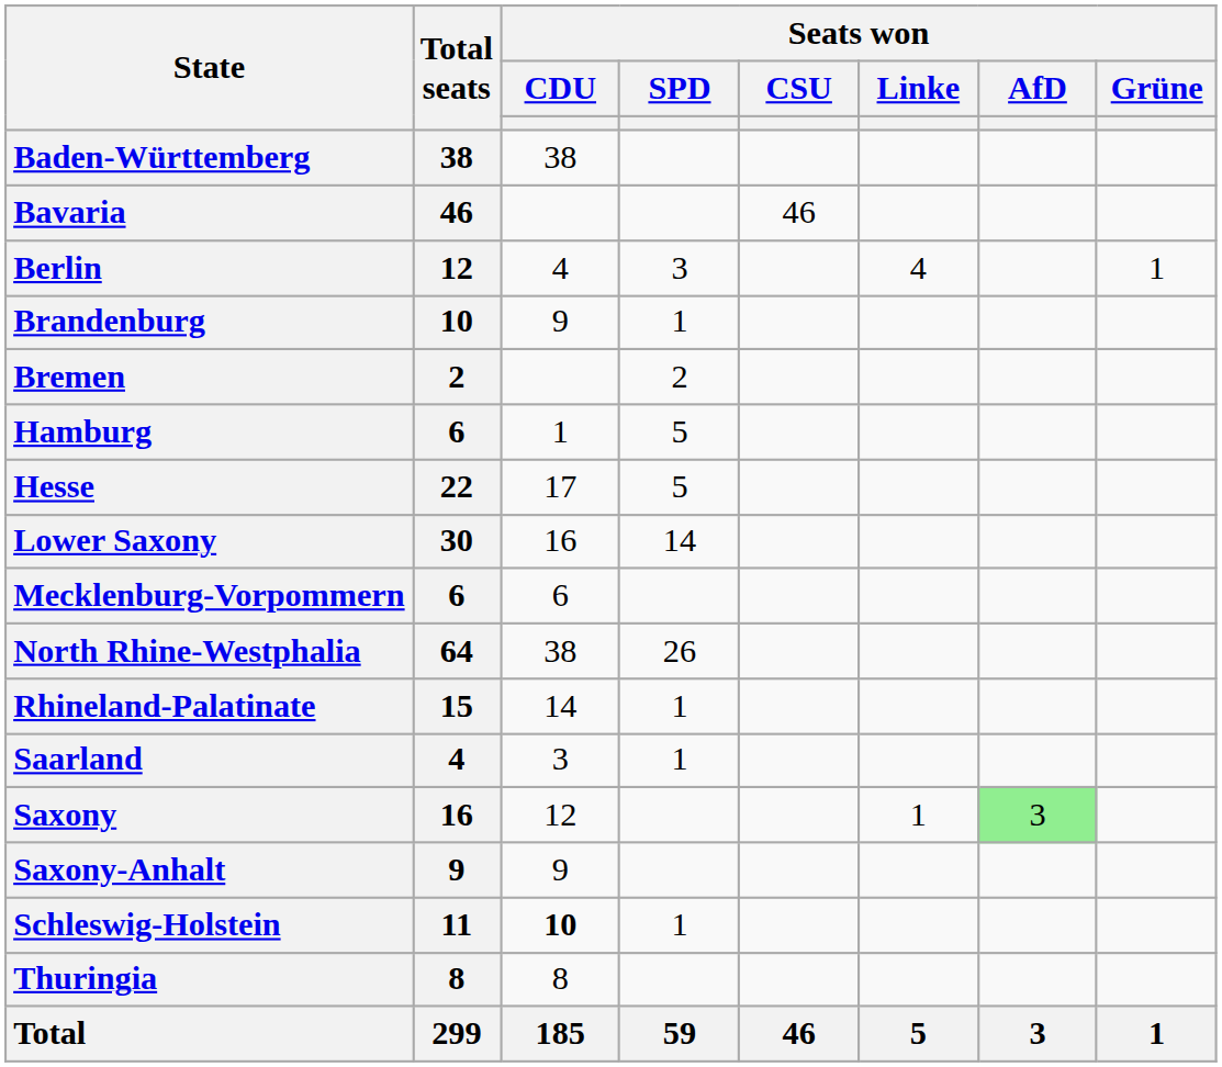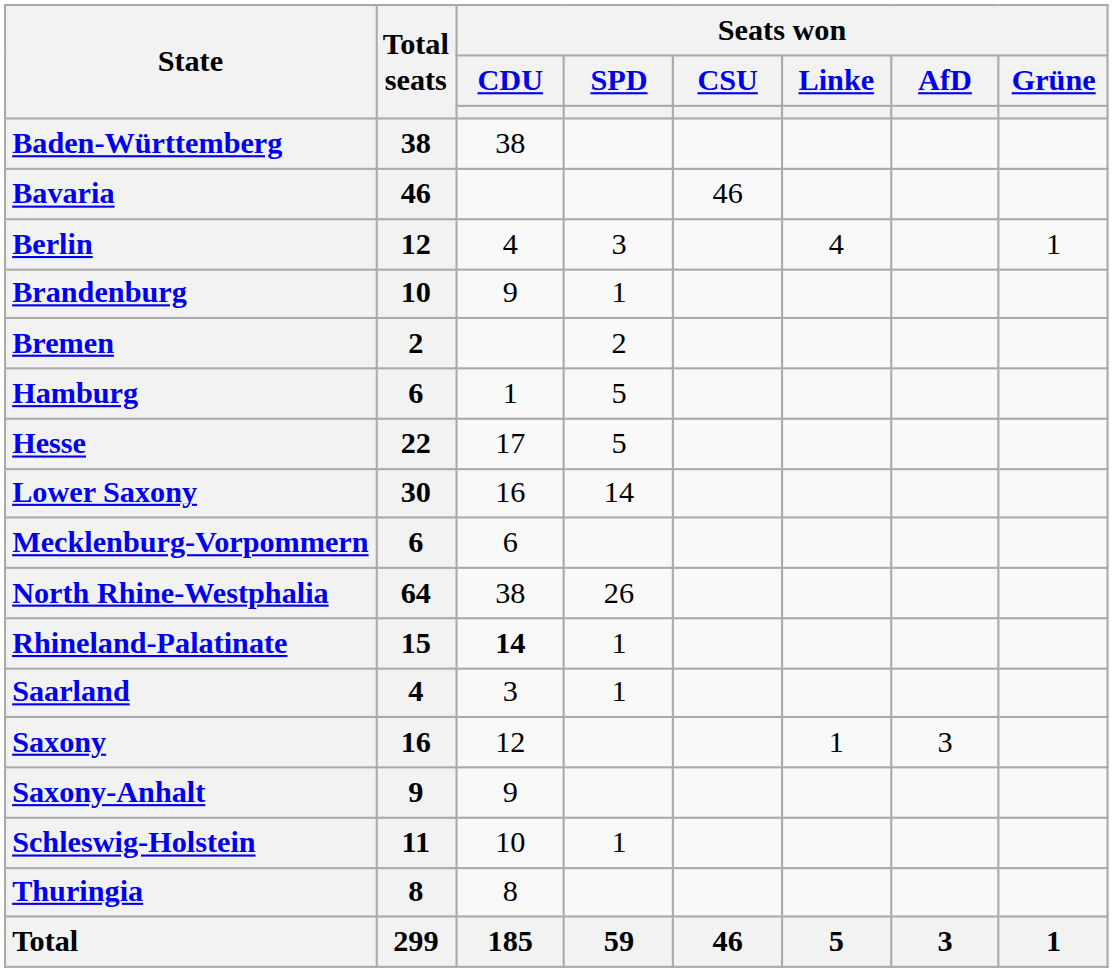 <table class="wikitable" style="text-align:center; font-size: 0.9em;">
 <tr>
 <th rowspan="3">State</th>
 <th rowspan="3">Total<br>seats</th>
 <th colspan="6">Seats won</th>
 </tr>
 <tr>
 <th class="unsortable" style="width:45px;"><a href='#'>CDU</a></th>
 <th class="unsortable" style="width:45px;"><a href='#'>SPD</a></th>
 <th class="unsortable" style="width:45px;"><a href='#'>CSU</a></th>
 <th class="unsortable" style="width:45px;"><a href='#'>Linke</a></th>
 <th class="unsortable" style="width:45px;"><a href='#'>AfD</a></th>
 <th class="unsortable" style="width:45px;"><a href='#'>Grüne</a></th>
 </tr>
 <tr>
 <th style="background:"></th>
 <th style="background:"></th>
 <th style="background:"></th>
 <th style="background:"></th>
 <th style="background:"></th>
 <th style="background:"></th>
 </tr>
 <tr>
 <th style="text-align: left;"><a href='#'>Baden-Württemberg</a></th>
 <th>38</th>
 <td>38</td>
 <td></td>
 <td></td>
 <td></td>
 <td></td>
 <td></td>
 </tr>
 <tr>
 <th style="text-align: left;"><a href='#'>Bavaria</a></th>
 <th>46</th>
 <td></td>
 <td></td>
 <td>46</td>
 <td></td>
 <td></td>
 <td></td>
 </tr>
 <tr>
 <th style="text-align: left;"><a href='#'>Berlin</a></th>
 <th>12</th>
 <td>4</td>
 <td>3</td>
 <td></td>
 <td>4</td>
 <td></td>
 <td>1</td>
 </tr>
 <tr>
 <th style="text-align: left;"><a href='#'>Brandenburg</a></th>
 <th>10</th>
 <td>9</td>
 <td>1</td>
 <td></td>
 <td></td>
 <td></td>
 <td></td>
 </tr>
 <tr>
 <th style="text-align: left;"><a href='#'>Bremen</a></th>
 <th>2</th>
 <td></td>
 <td>2</td>
 <td></td>
 <td></td>
 <td></td>
 <td></td>
 </tr>
 <tr>
 <th style="text-align: left;"><a href='#'>Hamburg</a></th>
 <th>6</th>
 <td>1</td>
 <td>5</td>
 <td></td>
 <td></td>
 <td></td>
 <td></td>
 </tr>
 <tr>
 <th style="text-align: left;"><a href='#'>Hesse</a></th>
 <th>22</th>
 <td>17</td>
 <td>5</td>
 <td></td>
 <td></td>
 <td></td>
 <td></td>
 </tr>
 <tr>
 <th style="text-align: left;"><a href='#'>Lower Saxony</a></th>
 <th>30</th>
 <td>16</td>
 <td>14</td>
 <td></td>
 <td></td>
 <td></td>
 <td></td>
 </tr>
 <tr>
 <th style="text-align: left;"><a href='#'>Mecklenburg-Vorpommern</a></th>
 <th>6</th>
 <td>6</td>
 <td></td>
 <td></td>
 <td></td>
 <td></td>
 <td></td>
 </tr>
 <tr>
 <th style="text-align: left;"><a href='#'>North Rhine-Westphalia</a></th>
 <th>64</th>
 <td>38</td>
 <td>26</td>
 <td></td>
 <td></td>
 <td></td>
 <td></td>
 </tr>
 <tr>
 <th style="text-align: left;"><a href='#'>Rhineland-Palatinate</a></th>
 <th>15</th>
-<td>14</td>
+<td><strong>14</strong></td>
 <td>1</td>
 <td></td>
 <td></td>
 <td></td>
 <td></td>
 </tr>
 <tr>
 <th style="text-align: left;"><a href='#'>Saarland</a></th>
 <th>4</th>
 <td>3</td>
 <td>1</td>
 <td></td>
 <td></td>
 <td></td>
 <td></td>
 </tr>
 <tr>
 <th style="text-align: left;"><a href='#'>Saxony</a></th>
 <th>16</th>
 <td>12</td>
 <td></td>
 <td></td>
 <td>1</td>
-<td style="background: lightgreen;">3</td>
+<td>3</td>
 <td></td>
 </tr>
 <tr>
 <th style="text-align: left;"><a href='#'>Saxony-Anhalt</a></th>
 <th>9</th>
 <td>9</td>
 <td></td>
 <td></td>
 <td></td>
 <td></td>
 <td></td>
 </tr>
 <tr>
 <th style="text-align: left;"><a href='#'>Schleswig-Holstein</a></th>
 <th>11</th>
-<td><strong>10</strong></td>
+<td>10</td>
 <td>1</td>
 <td></td>
 <td></td>
 <td></td>
 <td></td>
 </tr>
 <tr>
 <th style="text-align: left;"><a href='#'>Thuringia</a></th>
 <th>8</th>
 <td>8</td>
 <td></td>
 <td></td>
 <td></td>
 <td></td>
 <td></td>
 </tr>
 <tr class="sortbottom">
 <th style="text-align: left;">Total</th>
 <th>299</th>
 <th>185</th>
 <th>59</th>
 <th>46</th>
 <th>5</th>
 <th>3</th>
 <th>1</th>
 </tr>
 </table>
